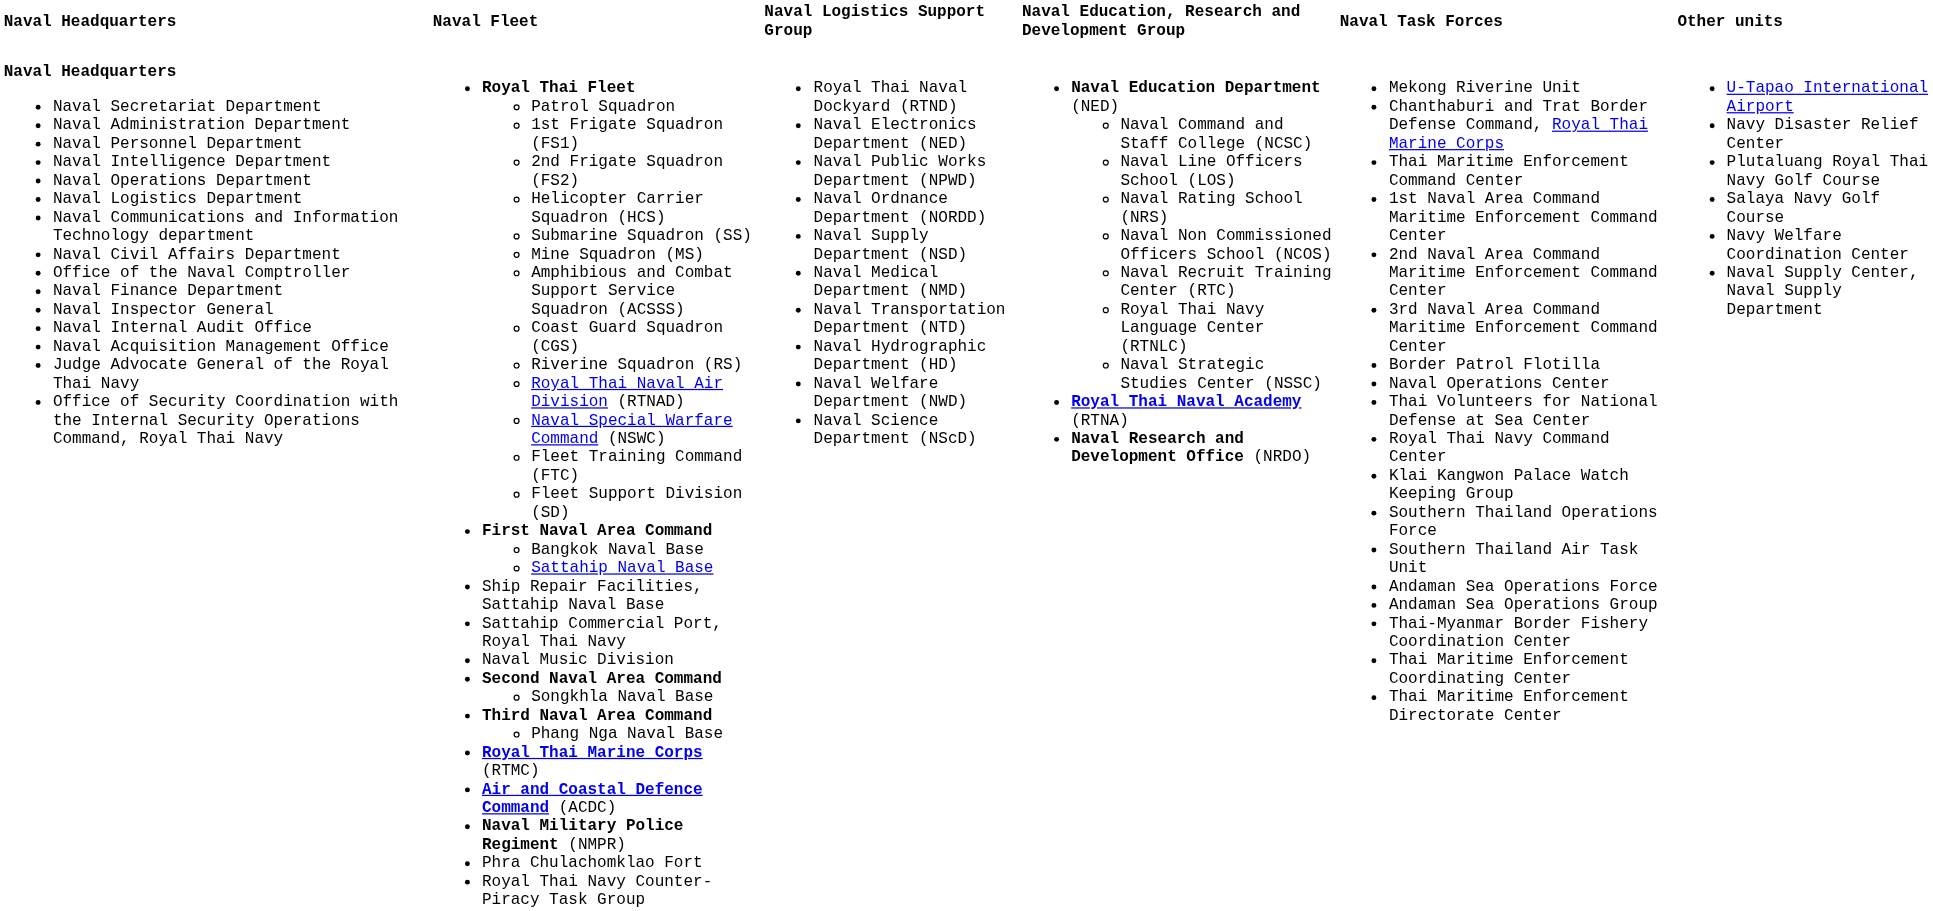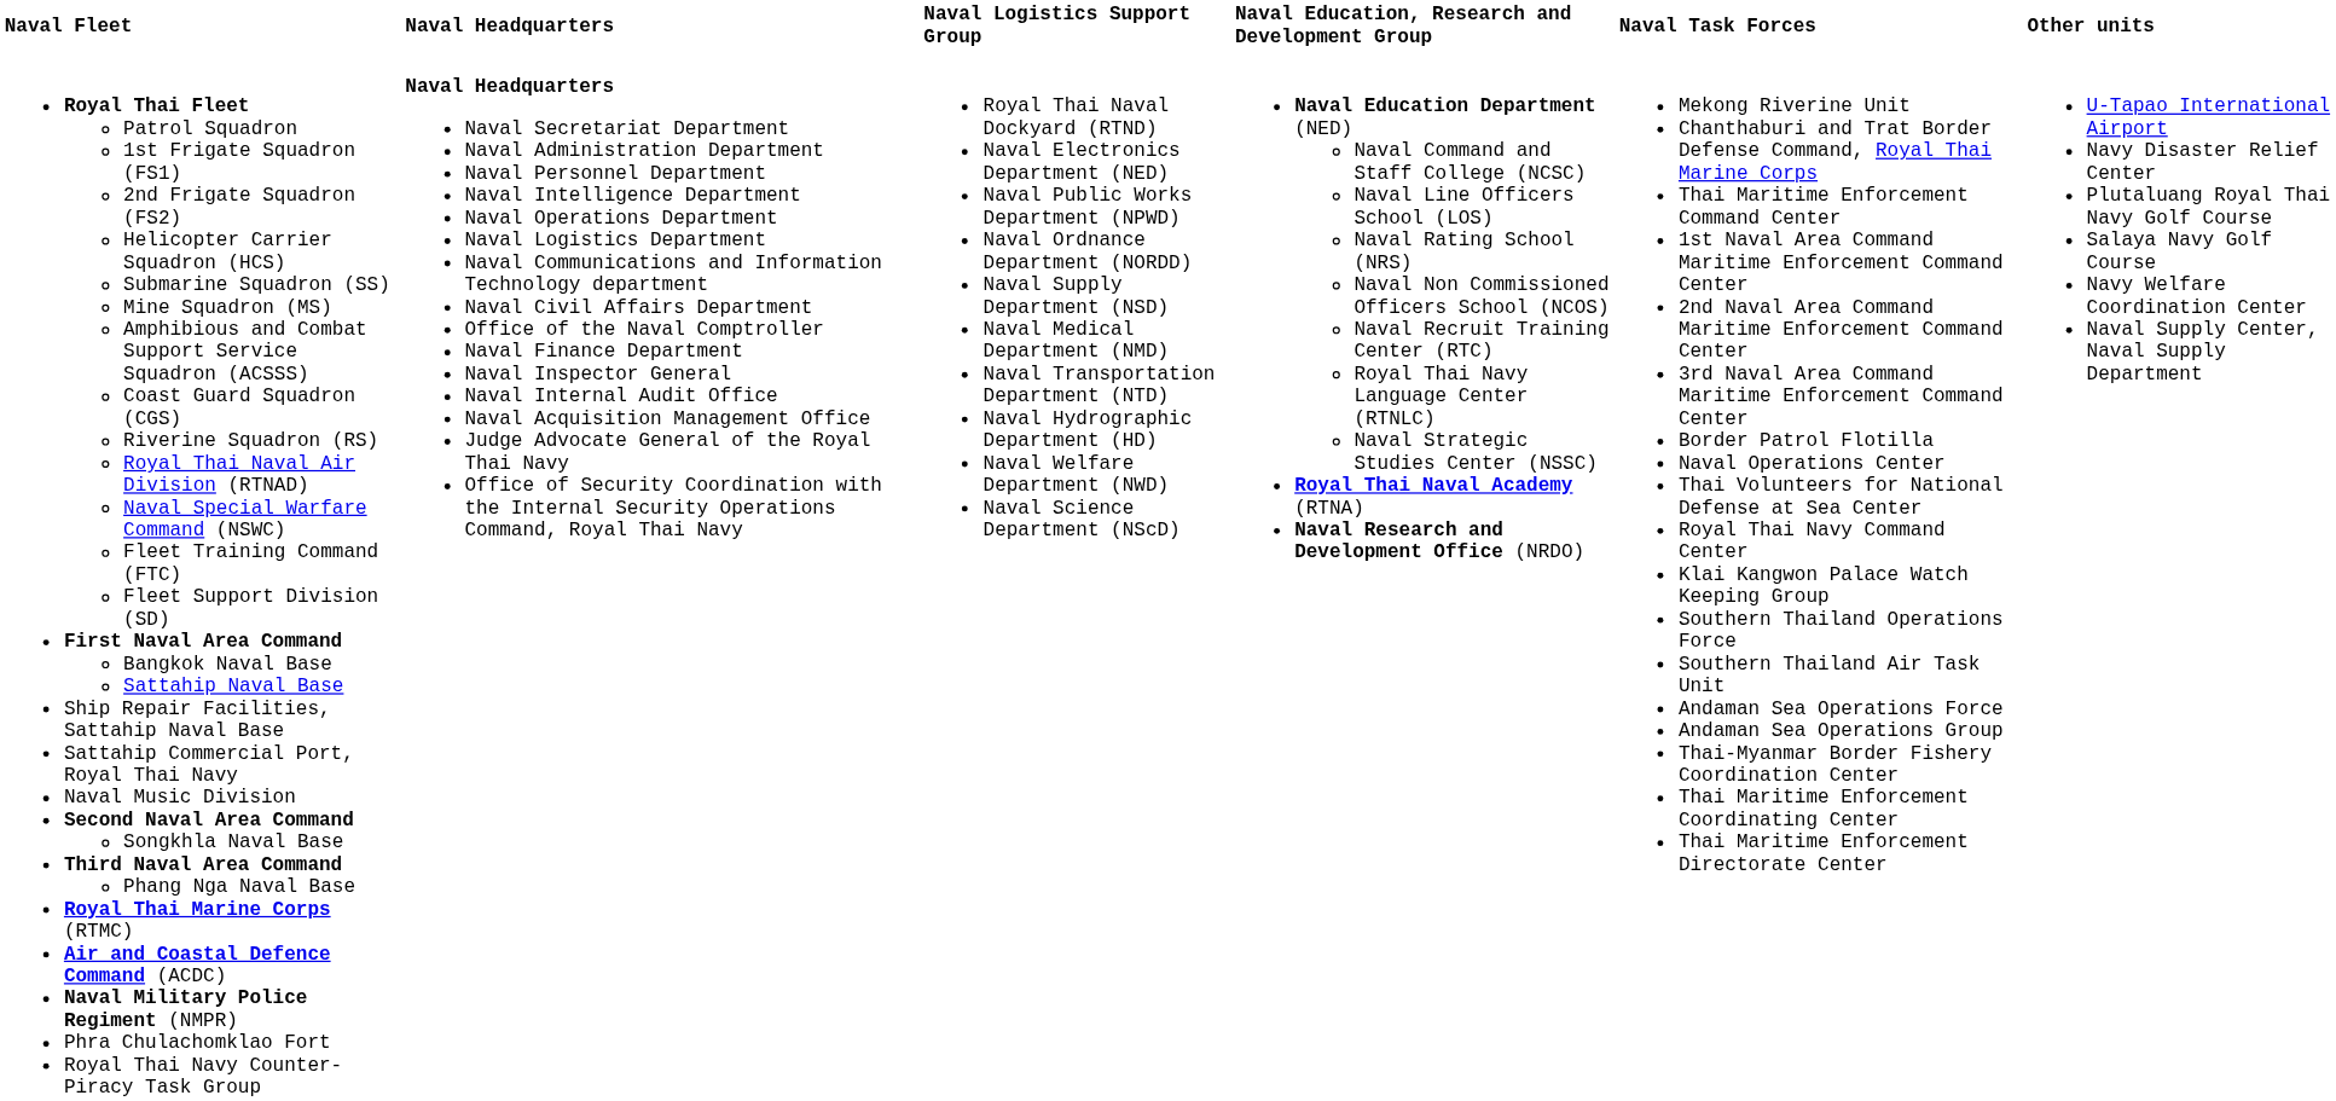 <table>
 <tr>
+<td><strong>Naval Fleet</strong></td>
 <td><strong>Naval Headquarters</strong></td>
-<td><strong>Naval Fleet</strong></td>
 <td><strong>Naval Logistics Support Group</strong></td>
 <td><strong>Naval Education, Research and Development Group</strong></td>
 <td><strong>Naval Task Forces</strong></td>
 <td><strong>Other units</strong></td>
 </tr>
 <tr valign = "top">
+<td><br><ul><li><strong>Royal Thai Fleet</strong><ul><li>Patrol Squadron</li><li>1st Frigate Squadron (FS1)</li><li>2nd Frigate Squadron (FS2)</li><li>Helicopter Carrier Squadron (HCS)</li><li>Submarine Squadron (SS)</li><li>Mine Squadron (MS)</li><li>Amphibious and Combat Support Service Squadron (ACSSS)</li><li>Coast Guard Squadron (CGS)</li><li>Riverine Squadron (RS)</li><li><a href='#'>Royal Thai Naval Air Division</a> (RTNAD)</li><li><a href='#'>Naval Special Warfare Command</a> (NSWC)</li><li>Fleet Training Command (FTC)</li><li>Fleet Support Division (SD)</li></ul></li><li><strong>First Naval Area Command</strong><ul><li>Bangkok Naval Base</li><li><a href='#'>Sattahip Naval Base</a></li></ul></li><li>Ship Repair Facilities, Sattahip Naval Base</li><li>Sattahip Commercial Port, Royal Thai Navy</li><li>Naval Music Division</li><li><strong>Second Naval Area Command</strong><ul><li>Songkhla Naval Base</li></ul></li><li><strong>Third Naval Area Command</strong><ul><li>Phang Nga Naval Base</li></ul></li><li><strong><a href='#'>Royal Thai Marine Corps</a></strong> (RTMC)</li><li><strong><a href='#'>Air and Coastal Defence Command</a></strong> (ACDC)</li><li><strong>Naval Military Police Regiment</strong> (NMPR)</li><li>Phra Chulachomklao Fort</li><li>Royal Thai Navy Counter-Piracy Task Group</li></ul></td>
 <td><br><strong>Naval Headquarters</strong><ul><li>Naval Secretariat Department</li><li>Naval Administration Department</li><li>Naval Personnel Department</li><li>Naval Intelligence Department</li><li>Naval Operations Department</li><li>Naval Logistics Department</li><li>Naval Communications and Information Technology department</li><li>Naval Civil Affairs Department</li><li>Office of the Naval Comptroller</li><li>Naval Finance Department</li><li>Naval Inspector General</li><li>Naval Internal Audit Office</li><li>Naval Acquisition Management Office</li><li>Judge Advocate General of the Royal Thai Navy</li><li>Office of Security Coordination with the Internal Security Operations Command, Royal Thai Navy</li></ul></td>
-<td><br><ul><li><strong>Royal Thai Fleet</strong><ul><li>Patrol Squadron</li><li>1st Frigate Squadron (FS1)</li><li>2nd Frigate Squadron (FS2)</li><li>Helicopter Carrier Squadron (HCS)</li><li>Submarine Squadron (SS)</li><li>Mine Squadron (MS)</li><li>Amphibious and Combat Support Service Squadron (ACSSS)</li><li>Coast Guard Squadron (CGS)</li><li>Riverine Squadron (RS)</li><li><a href='#'>Royal Thai Naval Air Division</a> (RTNAD)</li><li><a href='#'>Naval Special Warfare Command</a> (NSWC)</li><li>Fleet Training Command (FTC)</li><li>Fleet Support Division (SD)</li></ul></li><li><strong>First Naval Area Command</strong><ul><li>Bangkok Naval Base</li><li><a href='#'>Sattahip Naval Base</a></li></ul></li><li>Ship Repair Facilities, Sattahip Naval Base</li><li>Sattahip Commercial Port, Royal Thai Navy</li><li>Naval Music Division</li><li><strong>Second Naval Area Command</strong><ul><li>Songkhla Naval Base</li></ul></li><li><strong>Third Naval Area Command</strong><ul><li>Phang Nga Naval Base</li></ul></li><li><strong><a href='#'>Royal Thai Marine Corps</a></strong> (RTMC)</li><li><strong><a href='#'>Air and Coastal Defence Command</a></strong> (ACDC)</li><li><strong>Naval Military Police Regiment</strong> (NMPR)</li><li>Phra Chulachomklao Fort</li><li>Royal Thai Navy Counter-Piracy Task Group</li></ul></td>
 <td><br><ul><li>Royal Thai Naval Dockyard (RTND)</li><li>Naval Electronics Department (NED)</li><li>Naval Public Works Department (NPWD)</li><li>Naval Ordnance Department (NORDD)</li><li>Naval Supply Department (NSD)</li><li>Naval Medical Department (NMD)</li><li>Naval Transportation Department (NTD)</li><li>Naval Hydrographic Department (HD)</li><li>Naval Welfare Department (NWD)</li><li>Naval Science Department (NScD)</li></ul></td>
 <td><br><ul><li><strong>Naval Education Department</strong> (NED)<ul><li>Naval Command and Staff College (NCSC)</li><li>Naval Line Officers School (LOS)</li><li>Naval Rating School (NRS)</li><li>Naval Non Commissioned Officers School (NCOS)</li><li>Naval Recruit Training Center (RTC)</li><li>Royal Thai Navy Language Center (RTNLC)</li><li>Naval Strategic Studies Center (NSSC)</li></ul></li><li><strong><a href='#'>Royal Thai Naval Academy</a></strong>  (RTNA)</li><li><strong>Naval Research and Development Office</strong> (NRDO)</li></ul></td>
 <td><br><ul><li>Mekong Riverine Unit</li><li>Chanthaburi and Trat Border Defense Command, <a href='#'>Royal Thai Marine Corps</a></li><li>Thai Maritime Enforcement Command Center</li><li>1st Naval Area Command Maritime Enforcement Command Center</li><li>2nd Naval Area Command Maritime Enforcement Command Center</li><li>3rd Naval Area Command Maritime Enforcement Command Center</li><li>Border Patrol Flotilla</li><li>Naval Operations Center</li><li>Thai Volunteers for National Defense at Sea Center</li><li>Royal Thai Navy Command Center</li><li>Klai Kangwon Palace Watch Keeping Group</li><li>Southern Thailand Operations Force</li><li>Southern Thailand Air Task Unit</li><li>Andaman Sea Operations Force</li><li>Andaman Sea Operations Group</li><li>Thai-Myanmar Border Fishery Coordination Center</li><li>Thai Maritime Enforcement Coordinating Center</li><li>Thai Maritime Enforcement Directorate Center</li></ul></td>
 <td><br><ul><li><a href='#'>U-Tapao International Airport</a></li><li>Navy Disaster Relief Center</li><li>Plutaluang Royal Thai Navy Golf Course</li><li>Salaya Navy Golf Course</li><li>Navy Welfare Coordination Center</li><li>Naval Supply Center, Naval Supply Department</li></ul></td>
 </tr>
 </table>
